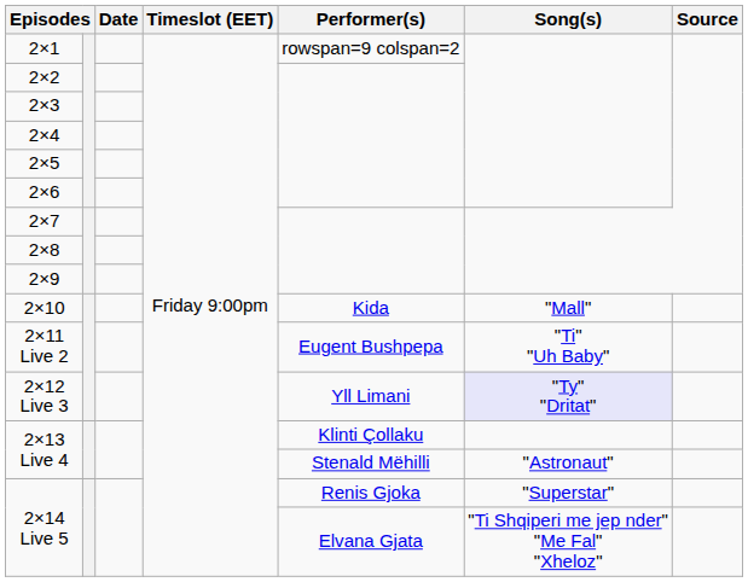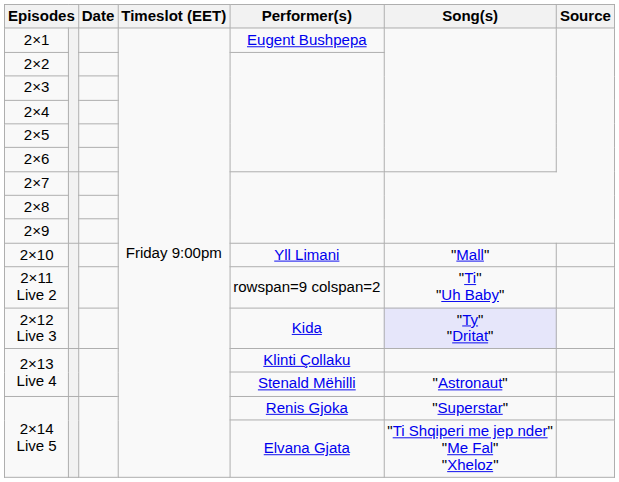 <table class="wikitable sortable plainrowheaders" style="text-align:center">
 <tr>
 <th scope="col" colspan=2>Episodes</th>
 <th scope="col">Date</th>
 <th scope="col">Timeslot (EET)</th>
 <th scope="col">Performer(s)</th>
 <th scope="col">Song(s)</th>
 <th scope="col">Source</th>
 </tr>
 <tr>
 <td>2×1</td>
 <th rowspan=6></th>
 <td></td>
 <td rowspan=16>Friday 9:00pm</td>
-<td>rowspan=9 colspan=2 </td>
+<td><a href='#'>Eugent Bushpepa</a></td>
 <td rowspan=6><br></td>
 </tr>
 <tr>
 <td>2×2</td>
 <td></td>
 </tr>
 <tr>
 <td>2×3</td>
 <td></td>
 </tr>
 <tr>
 <td>2×4</td>
 <td></td>
 </tr>
 <tr>
 <td>2×5</td>
 <td></td>
 </tr>
 <tr>
 <td>2×6</td>
 <td></td>
 </tr>
 <tr>
 <td>2×7</td>
 <th rowspan=3></th>
 <td></td>
 <td rowspan=3></td>
 </tr>
 <tr>
 <td>2×8</td>
 <td></td>
 </tr>
 <tr>
 <td>2×9</td>
 <td></td>
 </tr>
 <tr>
 <td>2×10<br></td>
 <th rowspan=3></th>
 <td></td>
-<td><a href='#'>Kida</a></td>
+<td><a href='#'>Yll Limani</a></td>
 <td>"<a href='#'>Mall</a>"</td>
 <td></td>
 </tr>
 <tr>
 <td>2×11<br>Live 2</td>
 <td></td>
-<td><a href='#'>Eugent Bushpepa</a></td>
+<td>rowspan=9 colspan=2 </td>
 <td>"<a href='#'>Ti</a>"<br>"<a href='#'>Uh Baby</a>"</td>
 <td></td>
 </tr>
 <tr>
 <td>2×12<br>Live 3</td>
 <td></td>
-<td><a href='#'>Yll Limani</a></td>
+<td><a href='#'>Kida</a></td>
 <td style="background: lavender;">"<a href='#'>Ty</a>"<br>"<a href='#'>Dritat</a>"</td>
 <td></td>
 </tr>
 <tr>
 <td rowspan="2">2×13<br>Live 4</td>
 <th rowspan=2></th>
 <td rowspan="2"></td>
 <td><a href='#'>Klinti Çollaku</a></td>
 <td></td>
 <td></td>
 </tr>
 <tr>
 <td><a href='#'>Stenald Mëhilli</a></td>
 <td>"<a href='#'>Astronaut</a>"</td>
 <td></td>
 </tr>
 <tr>
 <td rowspan=2>2×14<br>Live 5</td>
 <th rowspan=2></th>
 <td rowspan=2></td>
 <td><a href='#'>Renis Gjoka</a></td>
 <td>"<a href='#'>Superstar</a>"</td>
 <td></td>
 </tr>
 <tr>
 <td><a href='#'>Elvana Gjata</a></td>
 <td>"<a href='#'>Ti Shqiperi me jep nder</a>"<br>"<a href='#'>Me Fal</a>"<br>"<a href='#'>Xheloz</a>"</td>
 <td></td>
 </tr>
 </table>
